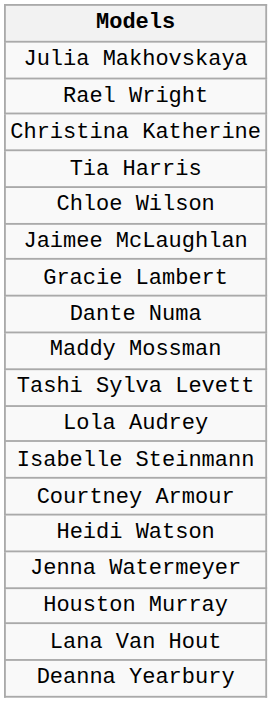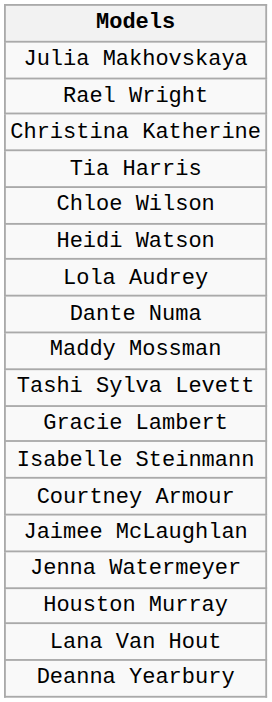 <table class="wikitable sortable" border="2" style="text-align:center;font-size:92%">
 <tr>
 <th>Models</th>
 </tr>
 <tr>
 <td>Julia Makhovskaya</td>
 </tr>
 <tr>
 <td>Rael Wright</td>
 </tr>
 <tr>
 <td>Christina Katherine</td>
 </tr>
 <tr>
 <td>Tia Harris</td>
 </tr>
 <tr>
 <td>Chloe Wilson</td>
 </tr>
 <tr>
-<td>Jaimee McLaughlan</td>
+<td>Heidi Watson</td>
 </tr>
 <tr>
-<td>Gracie Lambert</td>
+<td>Lola Audrey</td>
 </tr>
 <tr>
 <td>Dante Numa</td>
 </tr>
 <tr>
 <td>Maddy Mossman</td>
 </tr>
 <tr>
 <td>Tashi Sylva Levett</td>
 </tr>
 <tr>
-<td>Lola Audrey</td>
+<td>Gracie Lambert</td>
 </tr>
 <tr>
 <td>Isabelle Steinmann</td>
 </tr>
 <tr>
 <td>Courtney Armour</td>
 </tr>
 <tr>
-<td>Heidi Watson</td>
+<td>Jaimee McLaughlan</td>
 </tr>
 <tr>
 <td>Jenna Watermeyer</td>
 </tr>
 <tr>
 <td>Houston Murray</td>
 </tr>
 <tr>
 <td>Lana Van Hout</td>
 </tr>
 <tr>
 <td>Deanna Yearbury</td>
 </tr>
 </table>
